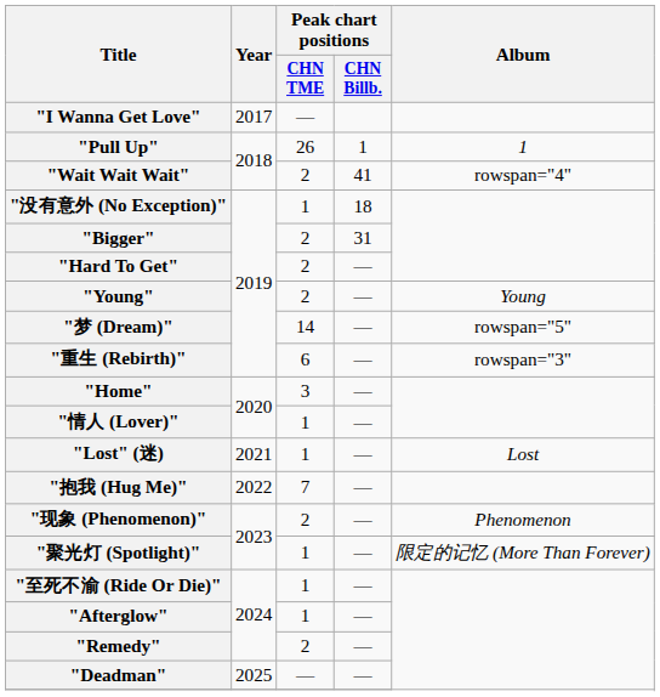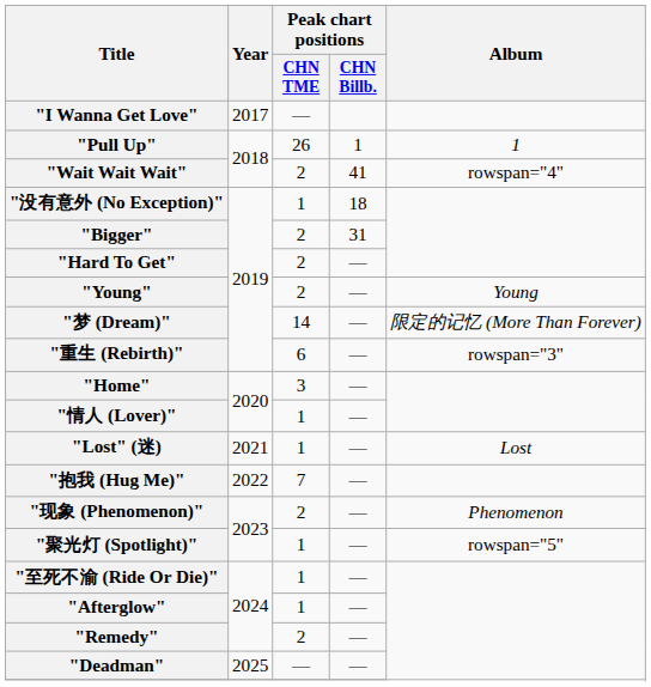 <table class="wikitable plainrowheaders" style="text-align:center;">
 <tr>
 <th rowspan="2" scope="col">Title</th>
 <th rowspan="2" scope="col">Year</th>
 <th colspan="2">Peak chart positions</th>
 <th rowspan="2">Album</th>
 </tr>
 <tr>
 <th scope="col" style="width:3em;font-size:90%;"><a href='#'>CHN TME</a><br></th>
 <th scope="col" style="width:3em;font-size:90%;"><a href='#'>CHN Billb.</a><br></th>
 </tr>
 <tr>
 <th scope="row">"I Wanna Get Love"</th>
 <td>2017</td>
 <td>—</td>
 <td></td>
 <td></td>
 </tr>
 <tr>
 <th scope="row">"Pull Up"</th>
 <td rowspan="2">2018</td>
 <td>26</td>
 <td>1</td>
 <td><em>1</em></td>
 </tr>
 <tr>
 <th scope="row">"Wait Wait Wait"</th>
 <td>2</td>
 <td>41</td>
 <td>rowspan="4" </td>
 </tr>
 <tr>
 <th scope="row">"没有意外 (No Exception)"</th>
 <td rowspan="6">2019</td>
 <td>1</td>
 <td>18</td>
 </tr>
 <tr>
 <th scope="row">"Bigger"</th>
 <td>2</td>
 <td>31</td>
 </tr>
 <tr>
 <th scope="row">"Hard To Get"</th>
 <td>2</td>
 <td>—</td>
 </tr>
 <tr>
 <th scope="row">"Young"</th>
 <td>2</td>
 <td>—</td>
 <td><em>Young</em></td>
 </tr>
 <tr>
 <th scope="row">"梦 (Dream)"</th>
 <td>14</td>
 <td>—</td>
-<td>rowspan="5" </td>
+<td><em>限定的记忆 (More Than Forever)</em></td>
 </tr>
 <tr>
 <th scope="row">"重生 (Rebirth)"</th>
 <td>6</td>
 <td>—</td>
 <td>rowspan="3" </td>
 </tr>
 <tr>
 <th scope="row">"Home"</th>
 <td rowspan="2">2020</td>
 <td>3</td>
 <td>—</td>
 </tr>
 <tr>
 <th scope="row">"情人 (Lover)"</th>
 <td>1</td>
 <td>—</td>
 </tr>
 <tr>
 <th scope="row">"Lost" (迷)</th>
 <td>2021</td>
 <td>1</td>
 <td>—</td>
 <td><em>Lost</em></td>
 </tr>
 <tr>
 <th scope="row">"抱我 (Hug Me)"</th>
 <td>2022</td>
 <td>7</td>
 <td>—</td>
 <td></td>
 </tr>
 <tr>
 <th scope="row">"现象 (Phenomenon)"</th>
 <td rowspan="2">2023</td>
 <td>2</td>
 <td>—</td>
 <td><em>Phenomenon</em></td>
 </tr>
 <tr>
 <th scope="row">"聚光灯 (Spotlight)"</th>
 <td>1</td>
 <td>—</td>
-<td><em>限定的记忆 (More Than Forever)</em></td>
+<td>rowspan="5" </td>
 </tr>
 <tr q>
 <th scope="row">"至死不渝 (Ride Or Die)"</th>
 <td rowspan="3">2024</td>
 <td>1</td>
 <td>—</td>
 </tr>
 <tr>
 <th scope="row">"Afterglow"</th>
 <td>1</td>
 <td>—</td>
 </tr>
 <tr>
 <th scope="row">"Remedy"</th>
 <td>2</td>
 <td>—</td>
 </tr>
 <tr>
 <th scope="row">"Deadman"</th>
 <td row span="3">2025</td>
 <td>—</td>
 <td>—</td>
 </tr>
 <tr>
 </tr>
 </table>
